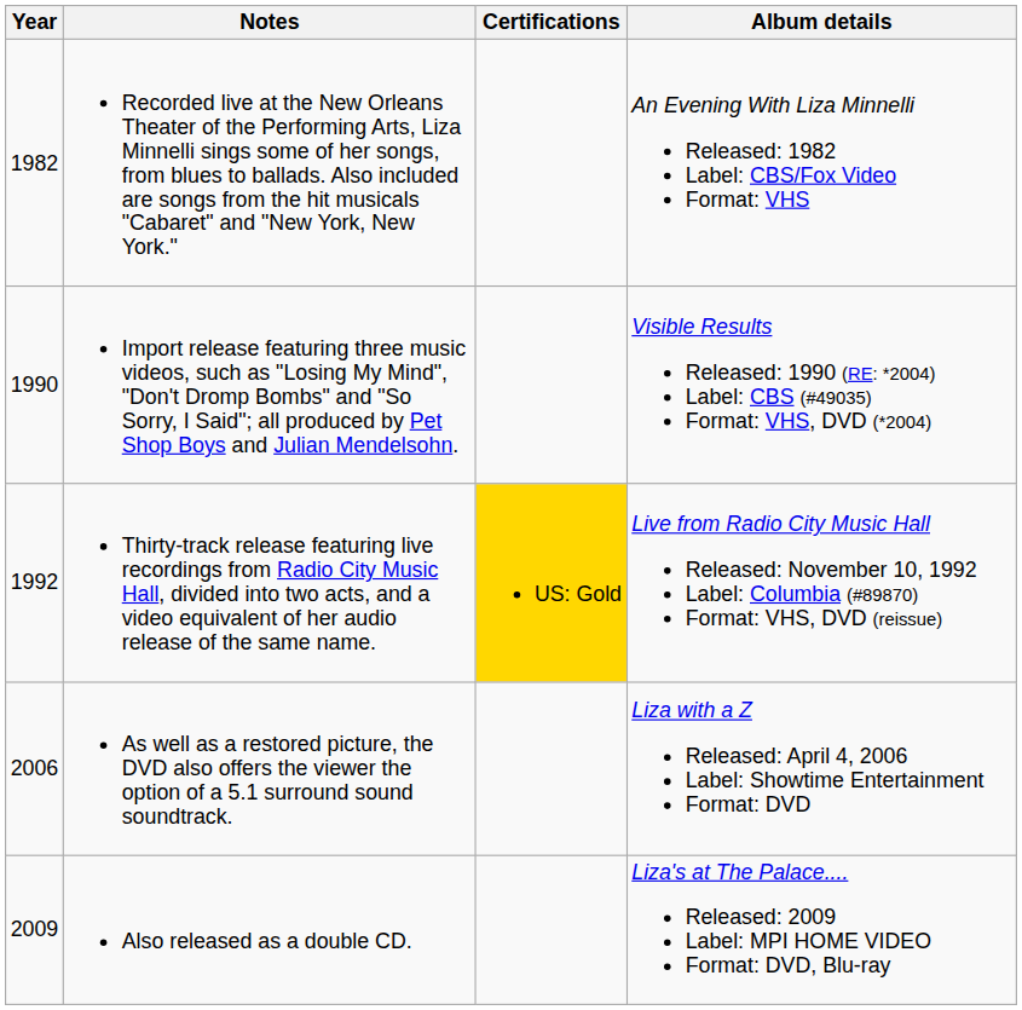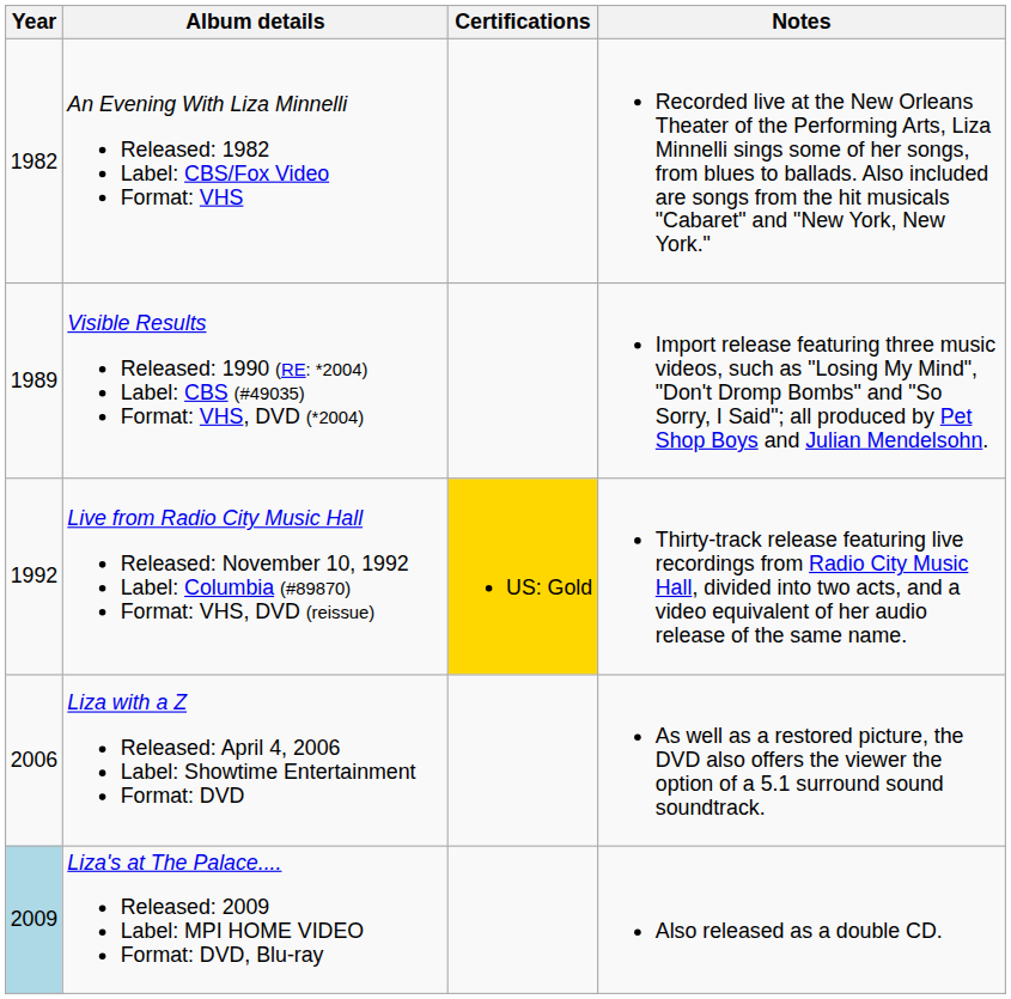 <table class="wikitable" style="text-align:left;">
 <tr>
 <th style="width:30px;">Year</th>
+<th style="width:283px;">Album details</th>
+<th style="width:105px;">Certifications</th>
 <th style="width:300px;">Notes</th>
-<th style="width:105px;">Certifications</th>
-<th style="width:283px;">Album details</th>
 </tr>
 <tr>
 <td style="text-align:center;">1982</td>
+<td><em>An Evening With Liza Minnelli</em><br><ul><li>Released: 1982</li><li>Label: <a href='#'>CBS/Fox Video</a></li><li>Format: <a href='#'>VHS</a></li></ul></td>
+<td></td>
 <td><br><ul><li>Recorded live at the New Orleans Theater of the Performing Arts, Liza Minnelli sings some of her songs, from blues to ballads. Also included are songs from the hit musicals "Cabaret" and "New York, New York."</li></ul></td>
-<td></td>
-<td><em>An Evening With Liza Minnelli</em><br><ul><li>Released: 1982</li><li>Label: <a href='#'>CBS/Fox Video</a></li><li>Format: <a href='#'>VHS</a></li></ul></td>
 </tr>
 <tr>
-<td style="text-align:center;">1990</td>
+<td style="text-align:center;">1989</td>
+<td><em><a href='#'>Visible Results</a></em><br><ul><li>Released: 1990 <small>(<a href='#'>RE</a>: *2004)</small></li><li>Label: <a href='#'>CBS</a> <small>(#49035)</small></li><li>Format: <a href='#'>VHS</a>, DVD <small>(*2004)</small></li></ul></td>
+<td></td>
 <td><br><ul><li>Import release featuring three music videos, such as "Losing My Mind", "Don't Dromp Bombs" and "So Sorry, I Said"; all produced by <a href='#'>Pet Shop Boys</a> and <a href='#'>Julian Mendelsohn</a>.</li></ul></td>
-<td></td>
-<td><em><a href='#'>Visible Results</a></em><br><ul><li>Released: 1990 <small>(<a href='#'>RE</a>: *2004)</small></li><li>Label: <a href='#'>CBS</a> <small>(#49035)</small></li><li>Format: <a href='#'>VHS</a>, DVD <small>(*2004)</small></li></ul></td>
 </tr>
 <tr>
 <td style="text-align:center;">1992</td>
+<td><em><a href='#'>Live from Radio City Music Hall</a></em><br><ul><li>Released: November 10, 1992</li><li>Label: <a href='#'>Columbia</a> <small>(#89870)</small></li><li>Format: VHS, DVD <small>(reissue)</small></li></ul></td>
+<td style="background: gold;"><br><ul><li>US: Gold</li></ul></td>
 <td><br><ul><li>Thirty-track release featuring live recordings from <a href='#'>Radio City Music Hall</a>, divided into two acts, and a video equivalent of her audio release of the same name.</li></ul></td>
-<td style="background: gold;"><br><ul><li>US: Gold</li></ul></td>
-<td><em><a href='#'>Live from Radio City Music Hall</a></em><br><ul><li>Released: November 10, 1992</li><li>Label: <a href='#'>Columbia</a> <small>(#89870)</small></li><li>Format: VHS, DVD <small>(reissue)</small></li></ul></td>
 </tr>
 <tr>
 <td style="text-align:center;">2006</td>
+<td><em><a href='#'>Liza with a Z</a></em><br><ul><li>Released: April 4, 2006</li><li>Label: Showtime Entertainment</li><li>Format: DVD</li></ul></td>
+<td></td>
 <td><br><ul><li>As well as a restored picture, the DVD also offers the viewer the option of a 5.1 surround sound soundtrack.</li></ul></td>
-<td></td>
-<td><em><a href='#'>Liza with a Z</a></em><br><ul><li>Released: April 4, 2006</li><li>Label: Showtime Entertainment</li><li>Format: DVD</li></ul></td>
 </tr>
 <tr>
-<td style="text-align:center;">2009</td>
+<td style="background: lightblue; text-align:center;">2009</td>
+<td><em><a href='#'>Liza's at The Palace....</a></em><br><ul><li>Released: 2009</li><li>Label: MPI HOME VIDEO</li><li>Format: DVD, Blu-ray</li></ul></td>
+<td></td>
 <td><br><ul><li>Also released as a double CD.</li></ul></td>
-<td></td>
-<td><em><a href='#'>Liza's at The Palace....</a></em><br><ul><li>Released: 2009</li><li>Label: MPI HOME VIDEO</li><li>Format: DVD, Blu-ray</li></ul></td>
 </tr>
 </table>
